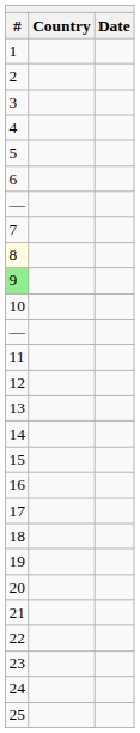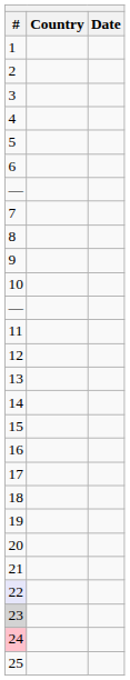 <table class="wikitable sortable">
 <tr>
 <th colspan="3"></th>
 </tr>
 <tr>
 <th>#</th>
 <th>Country</th>
 <th>Date</th>
 </tr>
 <tr>
 <td>1</td>
 <td></td>
 <td></td>
 </tr>
 <tr>
 <td>2</td>
 <td></td>
 <td></td>
 </tr>
 <tr>
 <td>3</td>
 <td></td>
 <td></td>
 </tr>
 <tr>
 <td>4</td>
 <td></td>
 <td></td>
 </tr>
 <tr>
 <td>5</td>
 <td></td>
 <td></td>
 </tr>
 <tr>
 <td>6</td>
 <td></td>
 <td></td>
 </tr>
 <tr>
 <td>—</td>
 <td></td>
 <td></td>
 </tr>
 <tr>
 <td>7</td>
 <td></td>
 <td></td>
 </tr>
 <tr>
-<td style="background: lightyellow;">8</td>
+<td>8</td>
 <td></td>
 <td></td>
 </tr>
 <tr>
-<td style="background: lightgreen;">9</td>
+<td>9</td>
 <td></td>
 <td></td>
 </tr>
 <tr>
 <td>10</td>
 <td></td>
 <td></td>
 </tr>
 <tr>
 <td>—</td>
 <td></td>
 <td></td>
 </tr>
 <tr>
 <td>11</td>
 <td></td>
 <td></td>
 </tr>
 <tr>
 <td>12</td>
 <td></td>
 <td></td>
 </tr>
 <tr>
 <td>13</td>
 <td></td>
 <td></td>
 </tr>
 <tr>
 <td>14</td>
 <td></td>
 <td></td>
 </tr>
 <tr>
 <td>15</td>
 <td></td>
 <td></td>
 </tr>
 <tr>
 <td>16</td>
 <td></td>
 <td></td>
 </tr>
 <tr>
 <td>17</td>
 <td></td>
 <td></td>
 </tr>
 <tr>
 <td>18</td>
 <td></td>
 <td></td>
 </tr>
 <tr>
 <td>19</td>
 <td></td>
 <td></td>
 </tr>
 <tr>
 <td>20</td>
 <td></td>
 <td></td>
 </tr>
 <tr>
 <td>21</td>
 <td></td>
 <td></td>
 </tr>
 <tr>
-<td>22</td>
+<td style="background: lavender;">22</td>
 <td></td>
 <td></td>
 </tr>
 <tr>
-<td>23</td>
+<td style="background: lightgrey;">23</td>
 <td></td>
 <td></td>
 </tr>
 <tr>
-<td>24</td>
+<td style="background: pink;">24</td>
 <td></td>
 <td></td>
 </tr>
 <tr>
 <td>25</td>
 <td></td>
 <td></td>
 </tr>
 </table>
